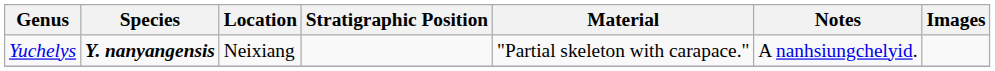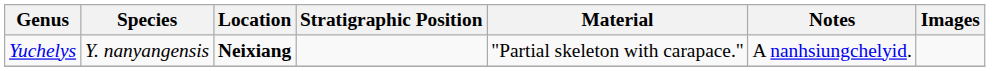 <table class="wikitable" align="center">
 <tr>
 <th>Genus</th>
 <th>Species</th>
 <th>Location</th>
 <th>Stratigraphic Position</th>
 <th>Material</th>
 <th>Notes</th>
 <th>Images</th>
 </tr>
 <tr>
 <td><em><a href='#'>Yuchelys</a></em></td>
-<td><strong><em>Y. nanyangensis</em></strong></td>
-<td>Neixiang</td>
+<td><em>Y. nanyangensis</em></td>
+<td><strong>Neixiang</strong></td>
 <td></td>
 <td>"Partial skeleton with carapace."</td>
 <td>A <a href='#'>nanhsiungchelyid</a>.</td>
 <td></td>
 </tr>
 <tr>
 </tr>
 </table>
